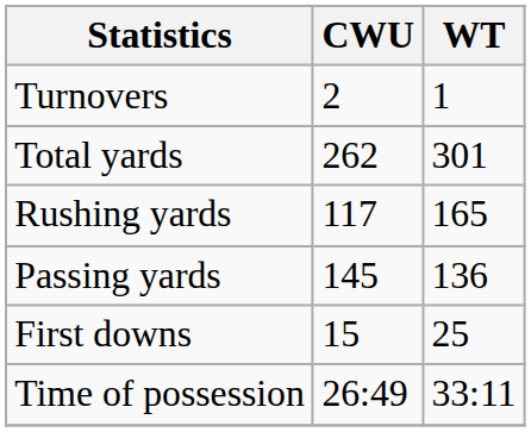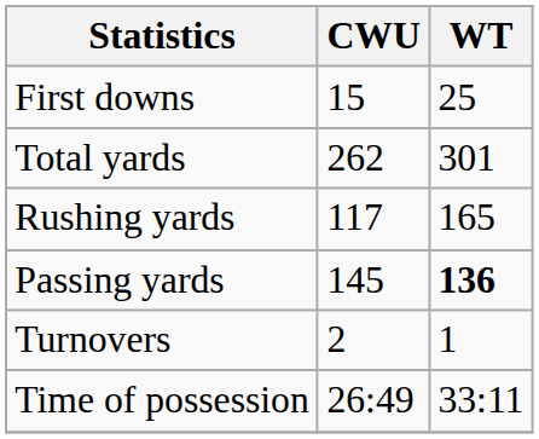 <table class="wikitable">
 <tr>
 <th>Statistics</th>
 <th>CWU</th>
 <th>WT</th>
 </tr>
 <tr>
-<td>Turnovers</td>
-<td>2</td>
-<td>1</td>
+<td>First downs</td>
+<td>15</td>
+<td>25</td>
 </tr>
 <tr>
 <td>Total yards</td>
 <td>262</td>
 <td>301</td>
 </tr>
 <tr>
 <td>Rushing yards</td>
 <td>117</td>
 <td>165</td>
 </tr>
 <tr>
 <td>Passing yards</td>
 <td>145</td>
-<td>136</td>
+<td><strong>136</strong></td>
 </tr>
 <tr>
-<td>First downs</td>
-<td>15</td>
-<td>25</td>
+<td>Turnovers</td>
+<td>2</td>
+<td>1</td>
 </tr>
 <tr>
 <td>Time of possession</td>
 <td>26:49</td>
 <td>33:11</td>
 </tr>
 <tr>
 </tr>
 </table>
